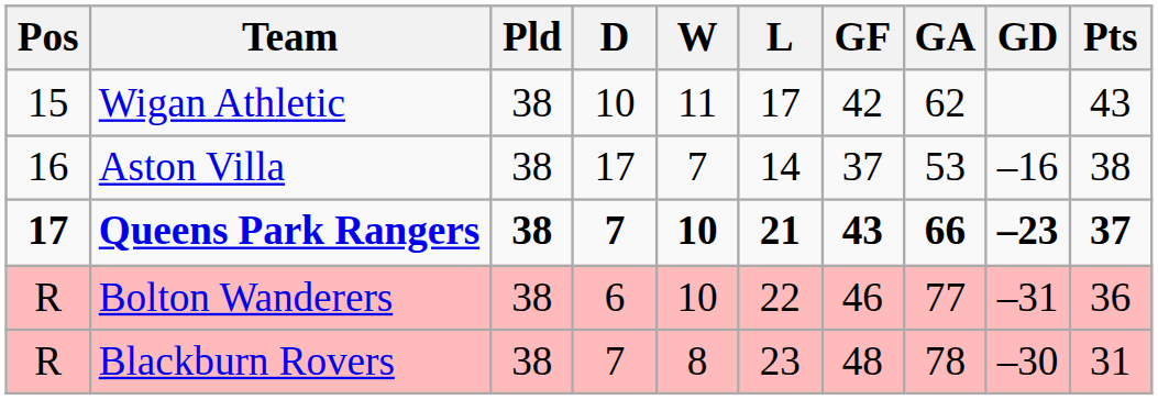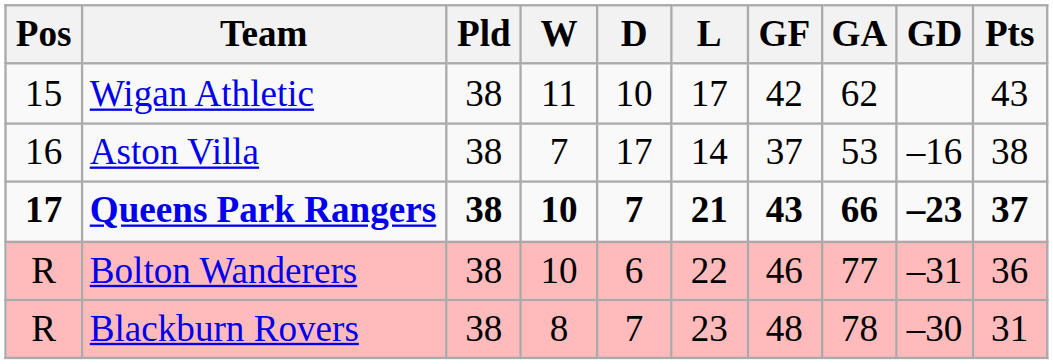 <table class=wikitable align="right" style="text-align:center;">
 <tr>
 <th width="25px">Pos</th>
 <th width="150px">Team</th>
 <th width="25px">Pld</th>
+<th width="25px">W</th>
 <th width="25px">D</th>
-<th width="25px">W</th>
 <th width="25px">L</th>
 <th width="25px">GF</th>
 <th width="25px">GA</th>
 <th width="25px">GD</th>
 <th width="25px">Pts</th>
 </tr>
 <tr>
 <td>15</td>
 <td style="text-align:left;"><a href='#'>Wigan Athletic</a></td>
 <td>38</td>
+<td>11</td>
 <td>10</td>
-<td>11</td>
 <td>17</td>
 <td>42</td>
 <td>62</td>
 <td></td>
 <td>43</td>
 </tr>
 <tr>
 <td>16</td>
 <td style="text-align:left;"><a href='#'>Aston Villa</a></td>
 <td>38</td>
+<td>7</td>
 <td>17</td>
-<td>7</td>
 <td>14</td>
 <td>37</td>
 <td>53</td>
 <td>–16</td>
 <td>38</td>
 </tr>
 <tr>
 <td><strong>17</strong></td>
 <td style="text-align:left;"><strong><a href='#'>Queens Park Rangers</a></strong></td>
 <td><strong>38</strong></td>
+<td><strong>10</strong></td>
 <td><strong>7</strong></td>
-<td><strong>10</strong></td>
 <td><strong>21</strong></td>
 <td><strong>43</strong></td>
 <td><strong>66</strong></td>
 <td><strong>–23</strong></td>
 <td><strong>37</strong></td>
 </tr>
 <tr style="background:#ffbbbb">
 <td>R</td>
 <td style="text-align:left;"><a href='#'>Bolton Wanderers</a></td>
 <td>38</td>
+<td>10</td>
 <td>6</td>
-<td>10</td>
 <td>22</td>
 <td>46</td>
 <td>77</td>
 <td>–31</td>
 <td>36</td>
 </tr>
 <tr style="background:#ffbbbb">
 <td>R</td>
 <td style="text-align:left;"><a href='#'>Blackburn Rovers</a></td>
 <td>38</td>
+<td>8</td>
 <td>7</td>
-<td>8</td>
 <td>23</td>
 <td>48</td>
 <td>78</td>
 <td>–30</td>
 <td>31</td>
 </tr>
 </table>
